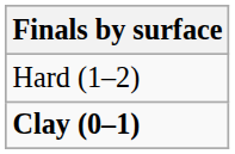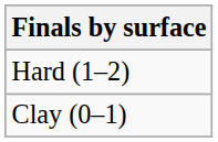 <table class=wikitable style=font-size:90%>
 <tr>
 <th>Finals by surface</th>
 </tr>
 <tr>
 <td>Hard (1–2)</td>
 </tr>
 <tr>
-<td><strong>Clay (0–1)</strong></td>
+<td>Clay (0–1)</td>
 </tr>
 </table>
